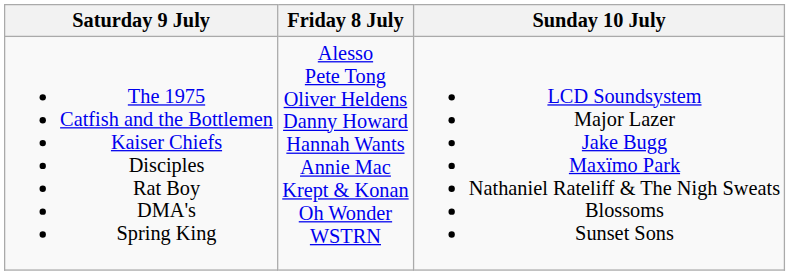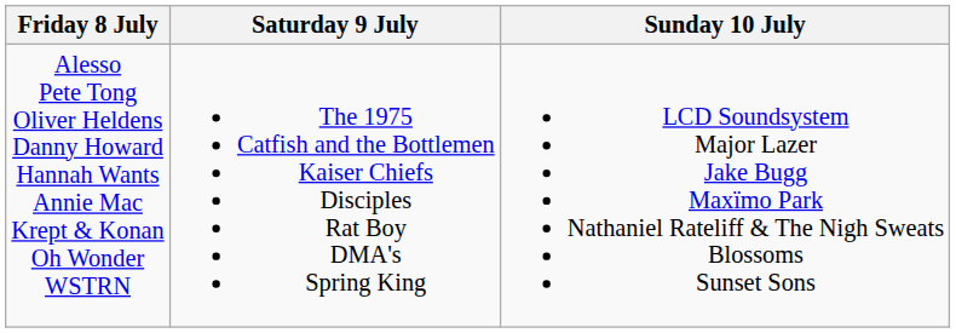 <table class="wikitable" style="text-align:center">
 <tr>
+<th>Friday 8 July</th>
 <th>Saturday 9 July</th>
-<th>Friday 8 July</th>
 <th>Sunday 10 July</th>
 </tr>
 <tr valign="top">
+<td><a href='#'>Alesso</a><br><a href='#'>Pete Tong</a><br><a href='#'>Oliver Heldens</a> <br><a href='#'>Danny Howard</a><br><a href='#'>Hannah Wants</a><br><a href='#'>Annie Mac</a><br><a href='#'>Krept & Konan</a> <br><a href='#'>Oh Wonder</a><br><a href='#'>WSTRN</a></td>
 <td><br><ul><li><a href='#'>The 1975</a></li><li><a href='#'>Catfish and the Bottlemen</a></li><li><a href='#'>Kaiser Chiefs</a></li><li>Disciples</li><li>Rat Boy</li><li>DMA's</li><li>Spring King</li></ul></td>
-<td><a href='#'>Alesso</a><br><a href='#'>Pete Tong</a><br><a href='#'>Oliver Heldens</a> <br><a href='#'>Danny Howard</a><br><a href='#'>Hannah Wants</a><br><a href='#'>Annie Mac</a><br><a href='#'>Krept & Konan</a> <br><a href='#'>Oh Wonder</a><br><a href='#'>WSTRN</a></td>
 <td><br><ul><li><a href='#'>LCD Soundsystem</a></li><li>Major Lazer</li><li><a href='#'>Jake Bugg</a></li><li><a href='#'>Maxïmo Park</a></li><li>Nathaniel Rateliff & The Nigh Sweats</li><li>Blossoms</li><li>Sunset Sons</li></ul></td>
 </tr>
 </table>
